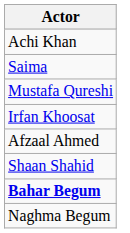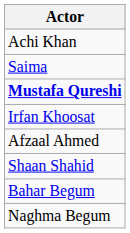 <table class="wikitable">
 <tr style="background:#ccc; text-align:center;">
 <th>Actor</th>
 </tr>
 <tr>
 <td>Achi Khan</td>
 </tr>
 <tr>
 <td><a href='#'>Saima</a></td>
 </tr>
 <tr>
-<td><a href='#'>Mustafa Qureshi</a></td>
+<td><strong><a href='#'>Mustafa Qureshi</a></strong></td>
 </tr>
 <tr>
 <td><a href='#'>Irfan Khoosat</a></td>
 </tr>
 <tr>
 <td>Afzaal Ahmed</td>
 </tr>
 <tr>
 <td><a href='#'>Shaan Shahid</a></td>
 </tr>
 <tr>
-<td><strong><a href='#'>Bahar Begum</a></strong></td>
+<td><a href='#'>Bahar Begum</a></td>
 </tr>
 <tr>
 <td>Naghma Begum</td>
 </tr>
 </table>
